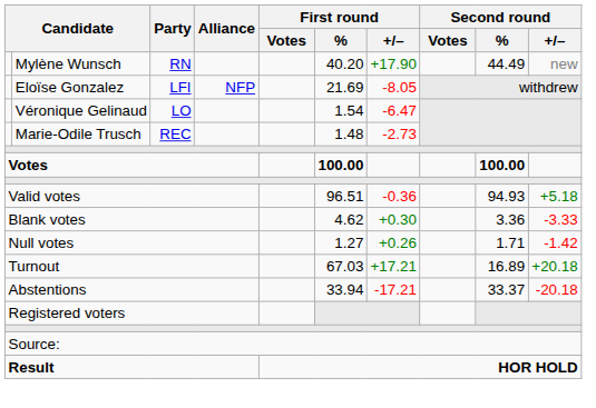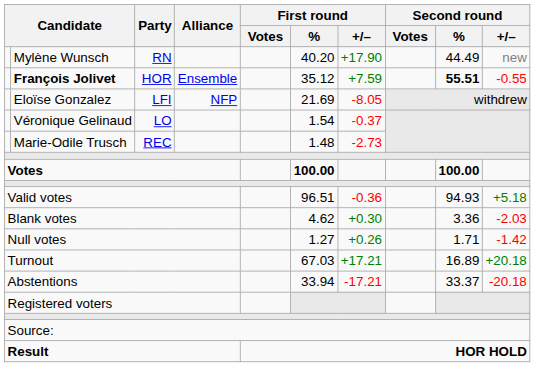 <table class="wikitable" style="text-align:right;font-size:95%;">
 <tr>
 <th rowspan="2" colspan="2">Candidate</th>
 <th colspan="1" rowspan="2">Party</th>
 <th colspan="1" rowspan="2">Alliance</th>
 <th colspan="3">First round</th>
 <th colspan="3">Second round</th>
 </tr>
 <tr>
 <th style="width:50px;">Votes</th>
 <th style="width:45px;">%</th>
 <th style="width:45px;">+/–</th>
 <th style="width:50px;">Votes</th>
 <th style="width:45px;">%</th>
 <th style="width:45px;">+/–</th>
 </tr>
 <tr>
 <td style="color:inherit;background:"></td>
 <td style="text-align:left;">Mylène Wunsch</td>
 <td><a href='#'>RN</a></td>
 <td></td>
 <td></td>
 <td>40.20</td>
 <td style="color:green;">+17.90</td>
 <td></td>
 <td>44.49</td>
 <td style="color:grey;">new</td>
 </tr>
 <tr>
 <td style="color:inherit;background:"></td>
+<td style="text-align:left;"><strong>François Jolivet</strong></td>
+<td><a href='#'>HOR</a></td>
+<td><a href='#'>Ensemble</a></td>
+<td></td>
+<td>35.12</td>
+<td style="color:green;">+7.59</td>
+<td><strong></strong></td>
+<td><strong>55.51</strong></td>
+<td style="color:red;">-0.55</td>
+</tr>
+<tr>
+<td style="color:inherit;background:"></td>
 <td style="text-align:left;">Eloïse Gonzalez</td>
 <td><a href='#'>LFI</a></td>
 <td><a href='#'>NFP</a></td>
 <td></td>
 <td>21.69</td>
 <td style="color:red;">-8.05</td>
 <td colspan="3" style="background:#E9E9E9;">withdrew</td>
 </tr>
 <tr>
 <td style="color:inherit;background:"></td>
 <td style="text-align:left;">Véronique Gelinaud</td>
 <td><a href='#'>LO</a></td>
 <td></td>
 <td></td>
 <td>1.54</td>
-<td style="color:red;">-6.47</td>
+<td style="color:red;">-0.37</td>
 <td colspan="3" rowspan="2" style="background:#E9E9E9;"></td>
 </tr>
 <tr>
 <td style="color:inherit;background:"></td>
 <td style="text-align:left;">Marie-Odile Trusch</td>
 <td><a href='#'>REC</a></td>
 <td></td>
 <td></td>
 <td>1.48</td>
 <td style="color:red;">-2.73</td>
 </tr>
 <tr>
 <td colspan="10" style="background:#E9E9E9;"></td>
 </tr>
 <tr style="font-weight:bold;">
 <td colspan="4" style="text-align:left;">Votes</td>
 <td></td>
 <td>100.00</td>
 <td></td>
 <td></td>
 <td>100.00</td>
 <td></td>
 </tr>
 <tr>
 <td colspan="10" style="background:#E9E9E9;"></td>
 </tr>
 <tr>
 <td colspan="4" style="text-align:left;">Valid votes</td>
 <td></td>
 <td>96.51</td>
 <td style="color:red;">-0.36</td>
 <td></td>
 <td>94.93</td>
 <td style="color:green;">+5.18</td>
 </tr>
 <tr>
 <td colspan="4" style="text-align:left;">Blank votes</td>
 <td></td>
 <td>4.62</td>
 <td style="color:green;">+0.30</td>
 <td></td>
 <td>3.36</td>
-<td style="color:red;">-3.33</td>
+<td style="color:red;">-2.03</td>
 </tr>
 <tr>
 <td colspan="4" style="text-align:left;">Null votes</td>
 <td></td>
 <td>1.27</td>
 <td style="color:green;">+0.26</td>
 <td></td>
 <td>1.71</td>
 <td style="color:red;">-1.42</td>
 </tr>
 <tr>
 <td colspan="4" style="text-align:left;">Turnout</td>
 <td></td>
 <td>67.03</td>
 <td style="color:green;">+17.21</td>
 <td></td>
 <td>16.89</td>
 <td style="color:green;">+20.18</td>
 </tr>
 <tr>
 <td colspan="4" style="text-align:left;">Abstentions</td>
 <td></td>
 <td>33.94</td>
 <td style="color:red;">-17.21</td>
 <td></td>
 <td>33.37</td>
 <td style="color:red;">-20.18</td>
 </tr>
 <tr>
 <td colspan="4" style="text-align:left;">Registered voters</td>
 <td></td>
 <td colspan="2" style="background:#E9E9E9;"></td>
 <td></td>
 <td colspan="2" style="background:#E9E9E9;"></td>
 </tr>
 <tr>
 <td colspan="10" style="background:#E9E9E9;"></td>
 </tr>
 <tr>
 <td colspan="10" style="text-align:left;">Source: </td>
 </tr>
 <tr style="font-weight:bold">
 <td colspan="4" style="text-align:left;">Result</td>
 <td colspan="6" style="background-color:">HOR HOLD</td>
 </tr>
 </table>
